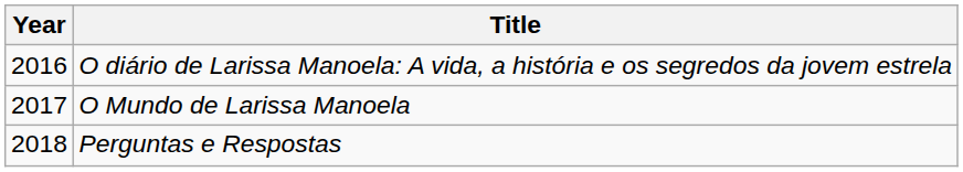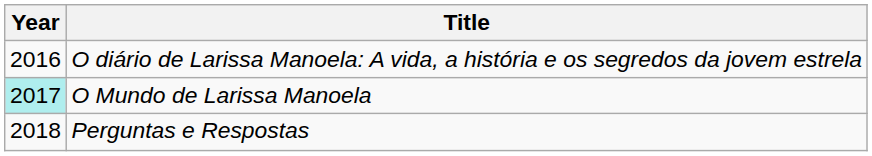 <table class="wikitable">
 <tr>
 <th>Year</th>
 <th>Title</th>
 </tr>
 <tr>
 <td>2016</td>
 <td><em>O diário de Larissa Manoela: A vida, a história e os segredos da jovem estrela</em></td>
 </tr>
 <tr>
-<td>2017</td>
+<td style="background: paleturquoise;">2017</td>
 <td><em>O Mundo de Larissa Manoela</em></td>
 </tr>
 <tr>
 <td>2018</td>
 <td><em>Perguntas e Respostas</em></td>
 </tr>
 </table>
